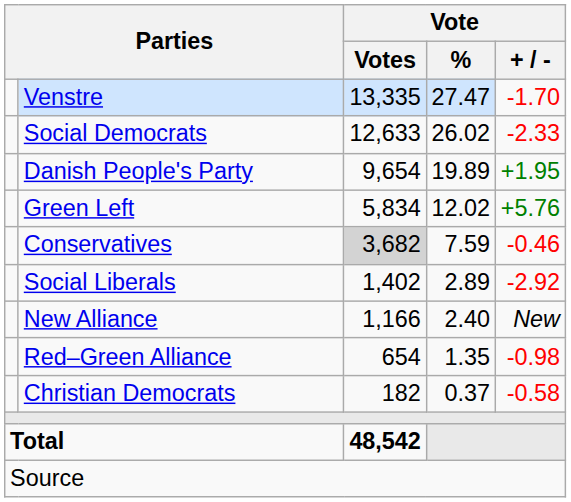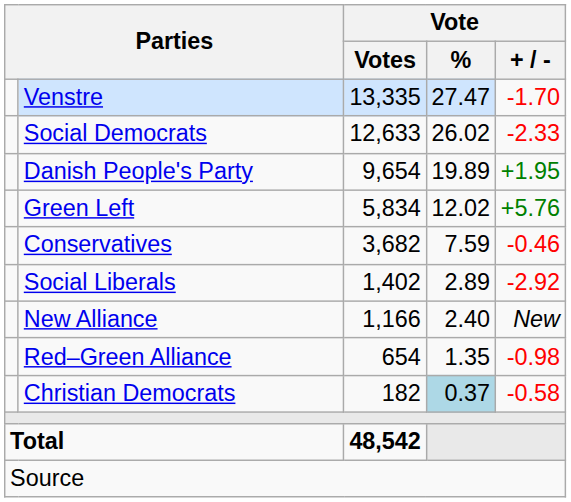 <table class="wikitable" style="text-align:right;">
 <tr>
 <th style="text-align:centre;" rowspan="2" colspan="2" width="225">Parties</th>
 <th colspan="3">Vote</th>
 </tr>
 <tr>
 <th width="15">Votes</th>
 <th width="15">%</th>
 <th width="15">+ / -</th>
 </tr>
 <tr>
 <td width="2" style="color:inherit;background:"></td>
 <td bgcolor=#cfe5fe  align="left"><a href='#'>Venstre</a></td>
 <td bgcolor=#cfe5fe>13,335</td>
 <td bgcolor=#cfe5fe>27.47</td>
 <td style=color:red;>-1.70</td>
 </tr>
 <tr>
 <td width="2" style="color:inherit;background:"></td>
 <td align="left"><a href='#'>Social Democrats</a></td>
 <td>12,633</td>
 <td>26.02</td>
 <td style=color:red;>-2.33</td>
 </tr>
 <tr>
 <td width="2" style="color:inherit;background:"></td>
 <td align="left"><a href='#'>Danish People's Party</a></td>
 <td>9,654</td>
 <td>19.89</td>
 <td style=color:green;>+1.95</td>
 </tr>
 <tr>
 <td width="2" style="color:inherit;background:"></td>
 <td align="left"><a href='#'>Green Left</a></td>
 <td>5,834</td>
 <td>12.02</td>
 <td style=color:green;>+5.76</td>
 </tr>
 <tr>
 <td width="2" style="color:inherit;background:"></td>
 <td align="left"><a href='#'>Conservatives</a></td>
-<td style="background: lightgrey;">3,682</td>
+<td>3,682</td>
 <td>7.59</td>
 <td style=color:red;>-0.46</td>
 </tr>
 <tr>
 <td width="2" style="color:inherit;background:"></td>
 <td align="left"><a href='#'>Social Liberals</a></td>
 <td>1,402</td>
 <td>2.89</td>
 <td style=color:red;>-2.92</td>
 </tr>
 <tr>
 <td width="2" style="color:inherit;background:"></td>
 <td align="left"><a href='#'>New Alliance</a></td>
 <td>1,166</td>
 <td>2.40</td>
 <td><em>New</em></td>
 </tr>
 <tr>
 <td width="2" style="color:inherit;background:"></td>
 <td align="left"><a href='#'>Red–Green Alliance</a></td>
 <td>654</td>
 <td>1.35</td>
 <td style=color:red;>-0.98</td>
 </tr>
 <tr>
 <td width="2" style="color:inherit;background:"></td>
 <td align="left"><a href='#'>Christian Democrats</a></td>
 <td>182</td>
-<td>0.37</td>
+<td style="background: lightblue;">0.37</td>
 <td style=color:red;>-0.58</td>
 </tr>
 <tr>
 <td colspan="7" bgcolor="#E9E9E9"></td>
 </tr>
 <tr>
 <td align="left" colspan="2"><strong>Total</strong></td>
 <td><strong>48,542</strong></td>
 <td bgcolor="#E9E9E9" colspan="2"></td>
 </tr>
 <tr>
 <td align="left" colspan="6">Source</td>
 </tr>
 </table>
